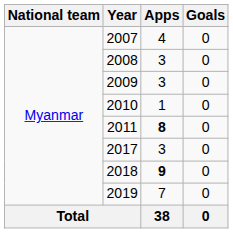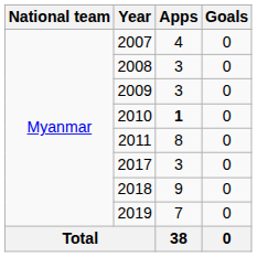 <table class=wikitable style=text-align:center>
 <tr>
 <th>National team</th>
 <th>Year</th>
 <th>Apps</th>
 <th>Goals</th>
 </tr>
 <tr>
 <td rowspan=8><a href='#'>Myanmar</a></td>
 <td>2007</td>
 <td>4</td>
 <td>0</td>
 </tr>
 <tr>
 <td>2008</td>
 <td>3</td>
 <td>0</td>
 </tr>
 <tr>
 <td>2009</td>
 <td>3</td>
 <td>0</td>
 </tr>
 <tr>
 <td>2010</td>
-<td>1</td>
+<td><strong>1</strong></td>
 <td>0</td>
 </tr>
 <tr>
 <td>2011</td>
-<td><strong>8</strong></td>
+<td>8</td>
 <td>0</td>
 </tr>
 <tr>
 <td>2017</td>
 <td>3</td>
 <td>0</td>
 </tr>
 <tr>
 <td>2018</td>
-<td><strong>9</strong></td>
+<td>9</td>
 <td>0</td>
 </tr>
 <tr>
 <td>2019</td>
 <td>7</td>
 <td>0</td>
 </tr>
 <tr>
 <th colspan=2>Total</th>
 <th>38</th>
 <th>0</th>
 </tr>
 </table>
